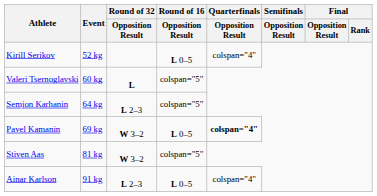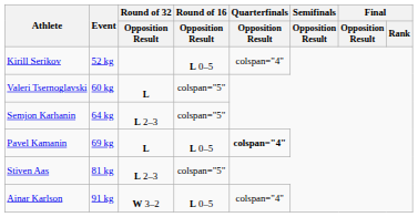 <table class="wikitable" style="font-size:90%">
 <tr>
 <th rowspan="2">Athlete</th>
 <th rowspan="2">Event</th>
 <th>Round of 32</th>
 <th>Round of 16</th>
 <th>Quarterfinals</th>
 <th>Semifinals</th>
 <th colspan=2>Final</th>
 </tr>
 <tr style="font-size:95%">
 <th>Opposition<br>Result</th>
 <th>Opposition<br>Result</th>
 <th>Opposition<br>Result</th>
 <th>Opposition<br>Result</th>
 <th>Opposition<br>Result</th>
 <th>Rank</th>
 </tr>
 <tr align=center>
 <td align=left><a href='#'>Kirill Serikov</a></td>
 <td align=left><a href='#'>52 kg</a></td>
 <td></td>
 <td><br><strong>L</strong> 0–5 </td>
 <td>colspan="4" </td>
 </tr>
 <tr align=center>
 <td align=left><a href='#'>Valeri Tsernoglavski</a></td>
 <td align=left><a href='#'>60 kg</a></td>
 <td><br><strong>L</strong> </td>
 <td>colspan="5" </td>
 </tr>
 <tr align=center>
 <td align=left><a href='#'>Semjon Karhanin</a></td>
 <td align=left><a href='#'>64 kg</a></td>
 <td><br><strong>L</strong> 2–3 </td>
 <td>colspan="5" </td>
 </tr>
 <tr align=center>
 <td align=left><a href='#'>Pavel Kamanin</a></td>
 <td align=left><a href='#'>69 kg</a></td>
-<td><br><strong>W</strong> 3–2 </td>
+<td><br><strong>L</strong> </td>
 <td><br><strong>L</strong> 0–5 </td>
 <td><strong>colspan="4" </strong></td>
 </tr>
 <tr align=center>
 <td align=left><a href='#'>Stiven Aas</a></td>
 <td align=left><a href='#'>81 kg</a></td>
-<td><br><strong>W</strong> 3–2 </td>
+<td><br><strong>L</strong> 2–3 </td>
 <td>colspan="5" </td>
 </tr>
 <tr align=center>
 <td align=left><a href='#'>Ainar Karlson</a></td>
 <td align=left><a href='#'>91 kg</a></td>
-<td><br><strong>L</strong> 2–3 </td>
+<td><br><strong>W</strong> 3–2 </td>
 <td><br><strong>L</strong> 0–5 </td>
 <td>colspan="4" </td>
 </tr>
 </table>
